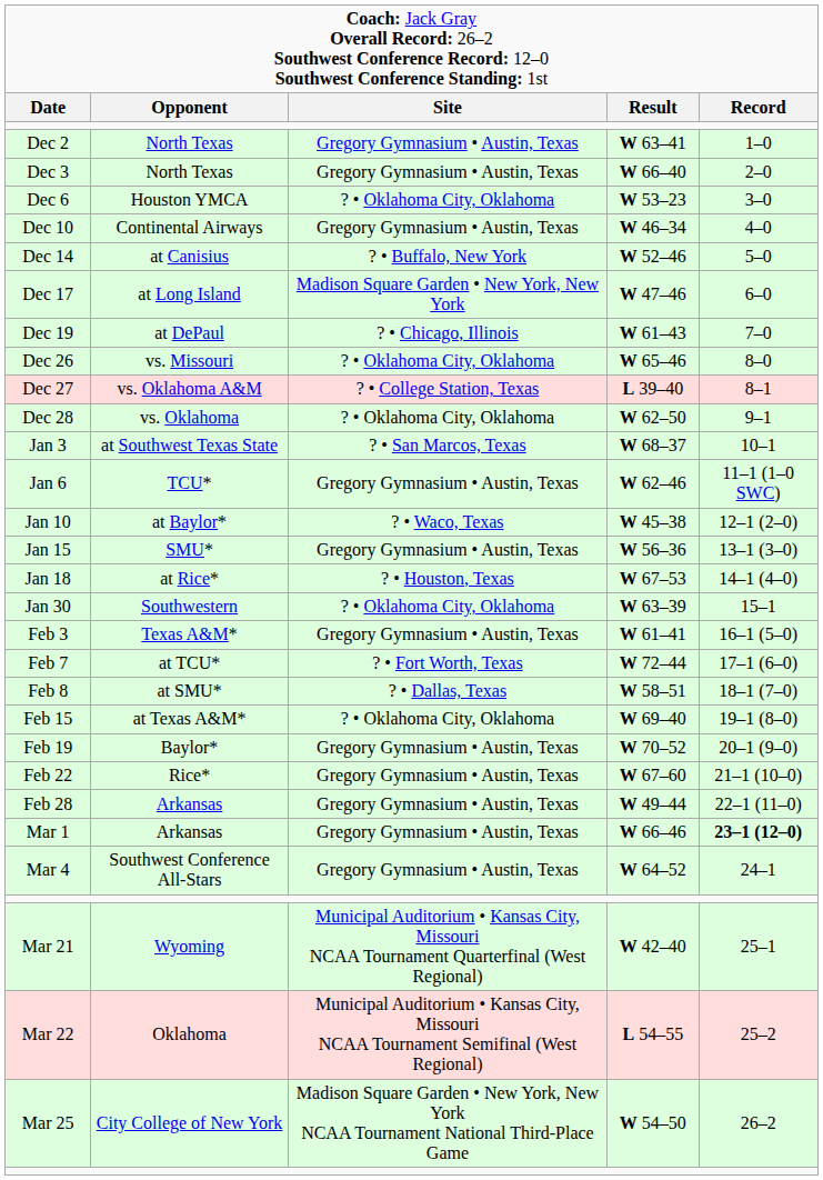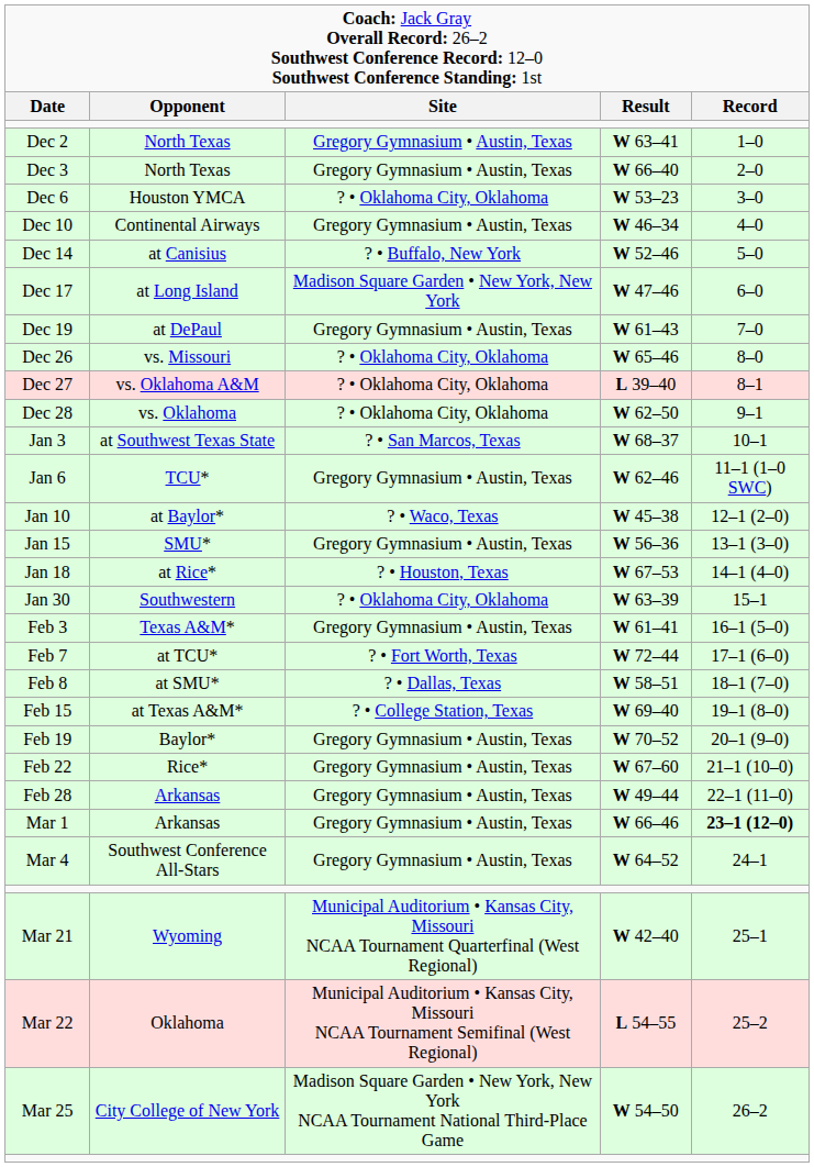 <table class="wikitable" style="text-align:center">
 <tr>
 <td colspan=8  style="text-align:center"><strong>Coach:</strong> <a href='#'>Jack Gray</a><br><strong>Overall Record:</strong> 26–2<br><strong>Southwest Conference Record:</strong> 12–0<br><strong>Southwest Conference Standing:</strong> 1st</td>
 </tr>
 <tr>
 </tr>
 <tr>
 <th style="width:70px;">Date</th>
 <th style="width:170px;">Opponent</th>
 <th style="width:280px;">Site</th>
 <th style="width:75px;">Result</th>
 <th style="width:100px;">Record</th>
 </tr>
 <tr>
 <td colspan="8"></td>
 </tr>
 <tr style="background: #ddffdd;">
 <td>Dec 2</td>
 <td><a href='#'>North Texas</a></td>
 <td><a href='#'>Gregory Gymnasium</a> • <a href='#'>Austin, Texas</a></td>
 <td><strong>W</strong> 63–41</td>
 <td>1–0</td>
 </tr>
 <tr style="background: #ddffdd;">
 <td>Dec 3</td>
 <td>North Texas</td>
 <td>Gregory Gymnasium • Austin, Texas</td>
 <td><strong>W</strong> 66–40</td>
 <td>2–0</td>
 </tr>
 <tr style="background: #ddffdd;">
 <td>Dec 6</td>
 <td>Houston YMCA</td>
 <td>? • <a href='#'>Oklahoma City, Oklahoma</a></td>
 <td><strong>W</strong> 53–23</td>
 <td>3–0</td>
 </tr>
 <tr style="background: #ddffdd;">
 <td>Dec 10</td>
 <td>Continental Airways</td>
 <td>Gregory Gymnasium • Austin, Texas</td>
 <td><strong>W</strong> 46–34</td>
 <td>4–0</td>
 </tr>
 <tr style="background: #ddffdd;">
 <td>Dec 14</td>
 <td>at <a href='#'>Canisius</a></td>
 <td>? • <a href='#'>Buffalo, New York</a></td>
 <td><strong>W</strong> 52–46</td>
 <td>5–0</td>
 </tr>
 <tr style="background: #ddffdd;">
 <td>Dec 17</td>
 <td>at <a href='#'>Long Island</a></td>
 <td><a href='#'>Madison Square Garden</a> • <a href='#'>New York, New York</a></td>
 <td><strong>W</strong> 47–46</td>
 <td>6–0</td>
 </tr>
 <tr style="background: #ddffdd;">
 <td>Dec 19</td>
 <td>at <a href='#'>DePaul</a></td>
-<td>? • <a href='#'>Chicago, Illinois</a></td>
+<td>Gregory Gymnasium • Austin, Texas</td>
 <td><strong>W</strong> 61–43</td>
 <td>7–0</td>
 </tr>
 <tr style="background: #ddffdd;">
 <td>Dec 26</td>
 <td>vs. <a href='#'>Missouri</a></td>
 <td>? • <a href='#'>Oklahoma City, Oklahoma</a></td>
 <td><strong>W</strong> 65–46</td>
 <td>8–0</td>
 </tr>
 <tr style="background: #ffdddd;">
 <td>Dec 27</td>
 <td>vs. <a href='#'>Oklahoma A&M</a></td>
-<td>? • <a href='#'>College Station, Texas</a></td>
+<td>? • Oklahoma City, Oklahoma</td>
 <td><strong>L</strong> 39–40</td>
 <td>8–1</td>
 </tr>
 <tr style="background: #ddffdd;">
 <td>Dec 28</td>
 <td>vs. <a href='#'>Oklahoma</a></td>
 <td>? • Oklahoma City, Oklahoma</td>
 <td><strong>W</strong> 62–50</td>
 <td>9–1</td>
 </tr>
 <tr style="background: #ddffdd;">
 <td>Jan 3</td>
 <td>at <a href='#'>Southwest Texas State</a></td>
 <td>? • <a href='#'>San Marcos, Texas</a></td>
 <td><strong>W</strong> 68–37</td>
 <td>10–1</td>
 </tr>
 <tr style="background: #ddffdd;">
 <td>Jan 6</td>
 <td><a href='#'>TCU</a>*</td>
 <td>Gregory Gymnasium • Austin, Texas</td>
 <td><strong>W</strong> 62–46</td>
 <td>11–1 (1–0 <a href='#'>SWC</a>)</td>
 </tr>
 <tr style="background: #ddffdd;">
 <td>Jan 10</td>
 <td>at <a href='#'>Baylor</a>*</td>
 <td>? • <a href='#'>Waco, Texas</a></td>
 <td><strong>W</strong> 45–38</td>
 <td>12–1 (2–0)</td>
 </tr>
 <tr style="background: #ddffdd;">
 <td>Jan 15</td>
 <td><a href='#'>SMU</a>*</td>
 <td>Gregory Gymnasium • Austin, Texas</td>
 <td><strong>W</strong> 56–36</td>
 <td>13–1 (3–0)</td>
 </tr>
 <tr style="background: #ddffdd;">
 <td>Jan 18</td>
 <td>at <a href='#'>Rice</a>*</td>
 <td>? • <a href='#'>Houston, Texas</a></td>
 <td><strong>W</strong> 67–53</td>
 <td>14–1 (4–0)</td>
 </tr>
 <tr style="background: #ddffdd;">
 <td>Jan 30</td>
 <td><a href='#'>Southwestern</a></td>
 <td>? • <a href='#'>Oklahoma City, Oklahoma</a></td>
 <td><strong>W</strong> 63–39</td>
 <td>15–1</td>
 </tr>
 <tr style="background: #ddffdd;">
 <td>Feb 3</td>
 <td><a href='#'>Texas A&M</a>*</td>
 <td>Gregory Gymnasium • Austin, Texas</td>
 <td><strong>W</strong> 61–41</td>
 <td>16–1 (5–0)</td>
 </tr>
 <tr style="background: #ddffdd;">
 <td>Feb 7</td>
 <td>at TCU*</td>
 <td>? • <a href='#'>Fort Worth, Texas</a></td>
 <td><strong>W</strong> 72–44</td>
 <td>17–1 (6–0)</td>
 </tr>
 <tr style="background: #ddffdd;">
 <td>Feb 8</td>
 <td>at SMU*</td>
 <td>? • <a href='#'>Dallas, Texas</a></td>
 <td><strong>W</strong> 58–51</td>
 <td>18–1 (7–0)</td>
 </tr>
 <tr style="background: #ddffdd;">
 <td>Feb 15</td>
 <td>at Texas A&M*</td>
-<td>? • Oklahoma City, Oklahoma</td>
+<td>? • <a href='#'>College Station, Texas</a></td>
 <td><strong>W</strong> 69–40</td>
 <td>19–1 (8–0)</td>
 </tr>
 <tr style="background: #ddffdd;">
 <td>Feb 19</td>
 <td>Baylor*</td>
 <td>Gregory Gymnasium • Austin, Texas</td>
 <td><strong>W</strong> 70–52</td>
 <td>20–1 (9–0)</td>
 </tr>
 <tr style="background: #ddffdd;">
 <td>Feb 22</td>
 <td>Rice*</td>
 <td>Gregory Gymnasium • Austin, Texas</td>
 <td><strong>W</strong> 67–60</td>
 <td>21–1 (10–0)</td>
 </tr>
 <tr style="background: #ddffdd;">
 <td>Feb 28</td>
 <td><a href='#'>Arkansas</a></td>
 <td>Gregory Gymnasium • Austin, Texas</td>
 <td><strong>W</strong> 49–44</td>
 <td>22–1 (11–0)</td>
 </tr>
 <tr style="background: #ddffdd;">
 <td>Mar 1</td>
 <td>Arkansas</td>
 <td>Gregory Gymnasium • Austin, Texas</td>
 <td><strong>W</strong> 66–46</td>
 <td><strong>23–1 (12–0)</strong></td>
 </tr>
 <tr style="background: #ddffdd;">
 <td>Mar 4</td>
 <td>Southwest Conference All-Stars</td>
 <td>Gregory Gymnasium • Austin, Texas</td>
 <td><strong>W</strong> 64–52</td>
 <td>24–1</td>
 </tr>
 <tr>
 <td colspan="8"></td>
 </tr>
 <tr style="background: #ddffdd;">
 <td>Mar 21</td>
 <td><a href='#'>Wyoming</a></td>
 <td><a href='#'>Municipal Auditorium</a> • <a href='#'>Kansas City, Missouri</a><br>NCAA Tournament Quarterfinal (West Regional)</td>
 <td><strong>W</strong> 42–40</td>
 <td>25–1</td>
 </tr>
 <tr style="background: #ffdddd;">
 <td>Mar 22</td>
 <td>Oklahoma</td>
 <td>Municipal Auditorium • Kansas City, Missouri<br>NCAA Tournament Semifinal (West Regional)</td>
 <td><strong>L</strong> 54–55</td>
 <td>25–2</td>
 </tr>
 <tr style="background: #ddffdd;">
 <td>Mar 25</td>
 <td><a href='#'>City College of New York</a></td>
 <td>Madison Square Garden • New York, New York<br>NCAA Tournament National Third-Place Game</td>
 <td><strong>W</strong> 54–50</td>
 <td>26–2</td>
 </tr>
 <tr>
 <td colspan=8></td>
 </tr>
 </table>
